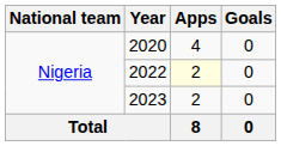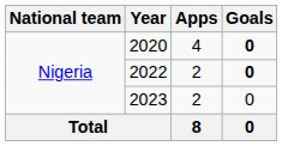 <table class="wikitable" style="text-align:center">
 <tr>
 <th>National team</th>
 <th>Year</th>
 <th>Apps</th>
 <th>Goals</th>
 </tr>
 <tr>
 <td rowspan="3"><a href='#'>Nigeria</a></td>
 <td>2020</td>
 <td>4</td>
-<td>0</td>
+<td><strong>0</strong></td>
 </tr>
 <tr>
 <td>2022</td>
-<td style="background: lightyellow;">2</td>
-<td>0</td>
+<td>2</td>
+<td><strong>0</strong></td>
 </tr>
 <tr>
 <td>2023</td>
 <td>2</td>
 <td>0</td>
 </tr>
 <tr>
 <th colspan="2">Total</th>
 <th>8</th>
 <th>0</th>
 </tr>
 </table>
